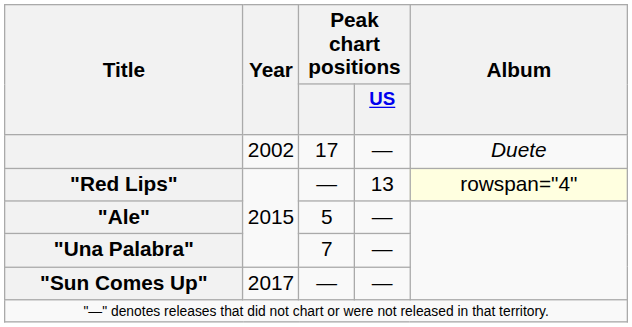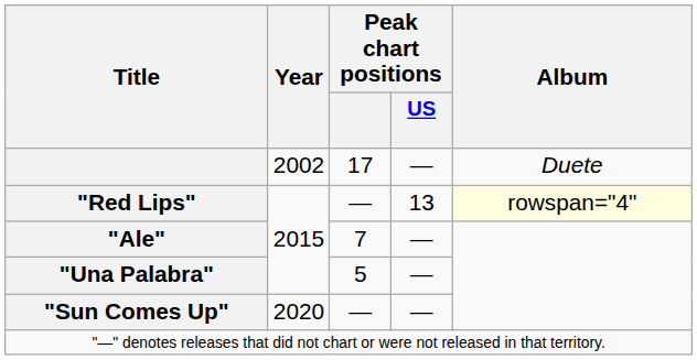 <table class="wikitable plainrowheaders" style="text-align:center;">
 <tr>
 <th scope="col" rowspan="2" style="width:11em;">Title</th>
 <th scope="col" rowspan="2">Year</th>
 <th scope="col" colspan="2">Peak chart positions</th>
 <th scope="col" rowspan="2" style="width:10em;">Album</th>
 </tr>
 <tr>
 <th scope="col" style="width:2.5em;font-size:90%;"><a href='#'></a><br></th>
 <th scope="col" style="width:2.5em;font-size:90%;"><a href='#'>US<br></a><br></th>
 </tr>
 <tr>
 <th scope="row"><br></th>
 <td>2002</td>
 <td>17</td>
 <td>—</td>
 <td><em>Duete</em></td>
 </tr>
 <tr>
 <th scope="row">"Red Lips"<br></th>
 <td rowspan="3">2015</td>
 <td>—</td>
 <td>13</td>
 <td style="background: lightyellow;">rowspan="4" </td>
 </tr>
 <tr>
 <th scope="row">"Ale"<br></th>
+<td>7</td>
+<td>—</td>
+</tr>
+<tr>
+<th scope="row">"Una Palabra"<br></th>
 <td>5</td>
 <td>—</td>
 </tr>
 <tr>
-<th scope="row">"Una Palabra"<br></th>
-<td>7</td>
-<td>—</td>
-</tr>
-<tr>
 <th scope="row">"Sun Comes Up"<br></th>
-<td>2017</td>
+<td>2020</td>
 <td>—</td>
 <td>—</td>
 </tr>
 <tr>
 <td align="center" colspan="15" style="font-size:8pt">"—" denotes releases that did not chart or were not released in that territory.</td>
 </tr>
 </table>
